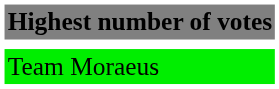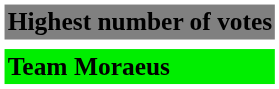 <table cellpadding=2 cellspacing=6>
 <tr bgcolor=#808080>
 <td colspan="2" align="center"><strong>Highest number of votes</strong></td>
 </tr>
 <tr>
-<td bgcolor="#green">Team Moraeus</td>
+<td bgcolor="#green"><strong>Team Moraeus</strong></td>
 </tr>
 </table>
